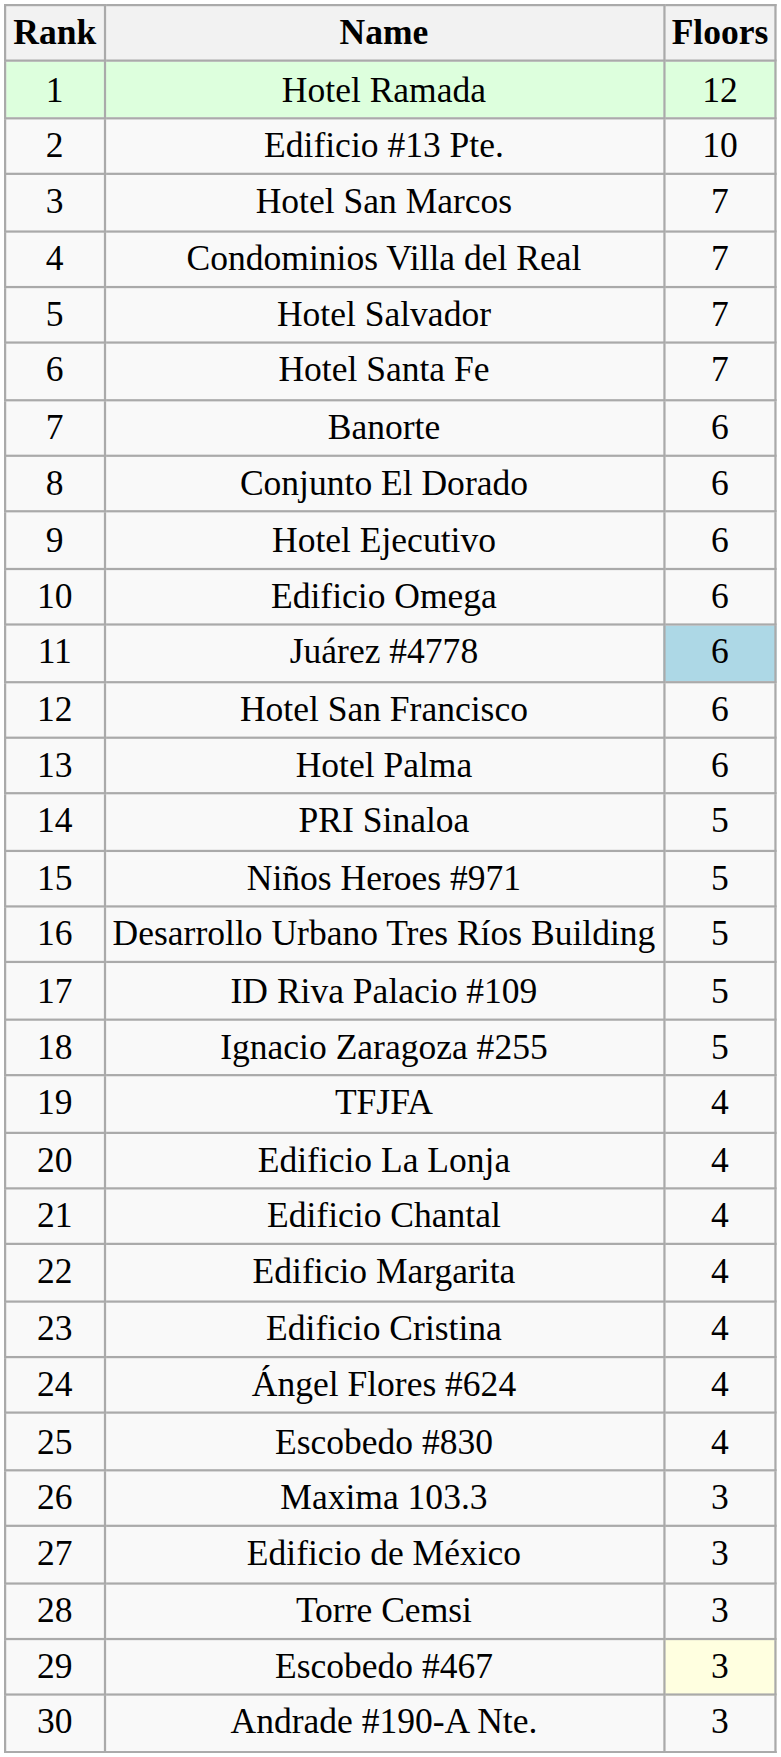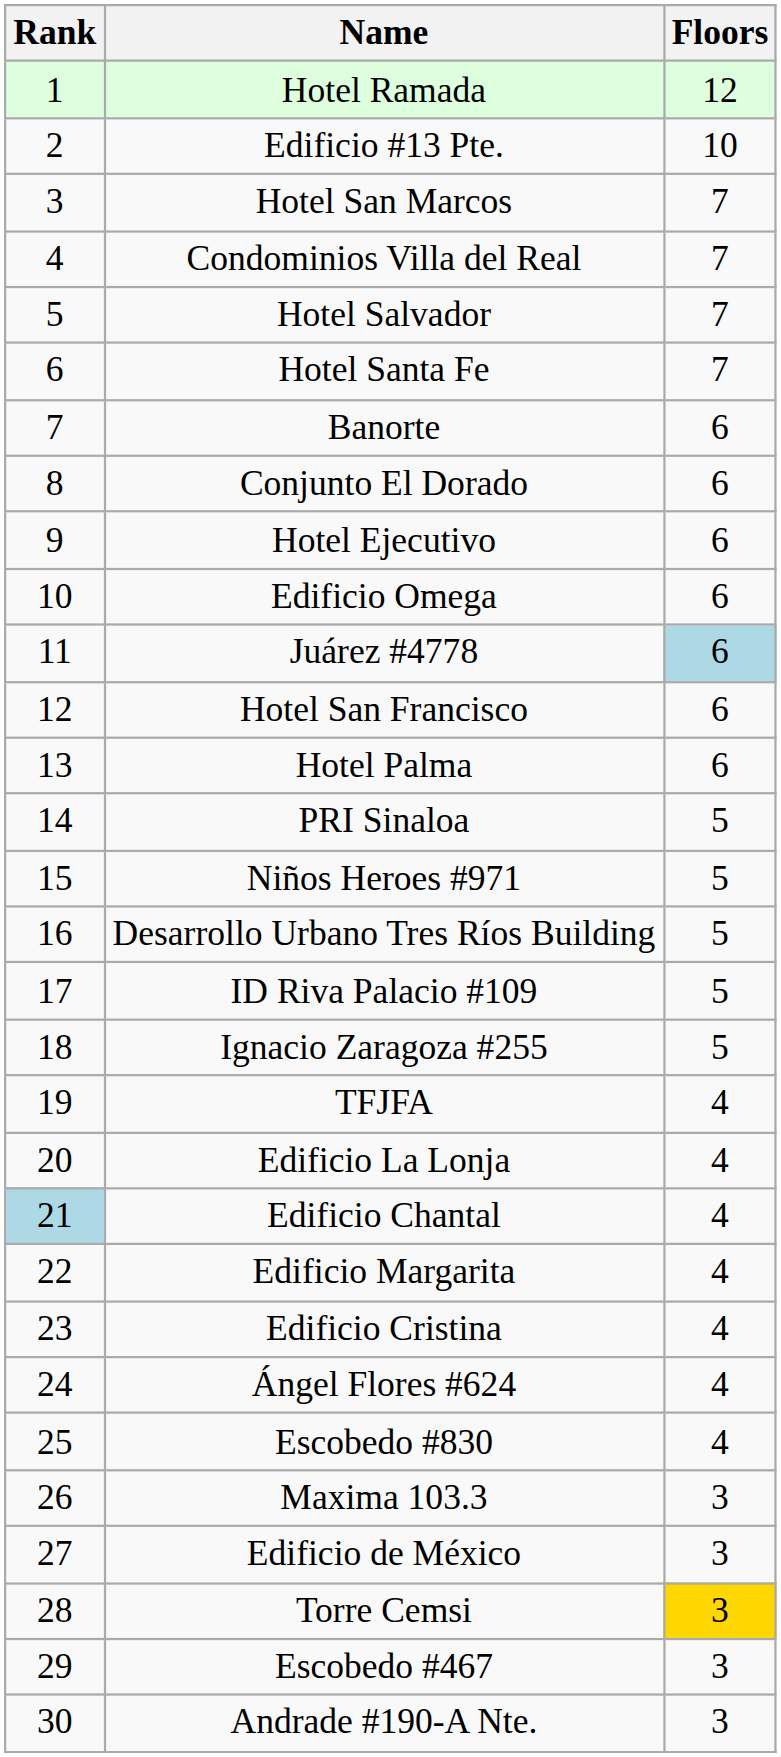 <table class="wikitable sortable" style="text-align:center">
 <tr>
 <th>Rank</th>
 <th>Name</th>
 <th>Floors</th>
 </tr>
 <tr bgcolor="#ddffdd">
 <td>1</td>
 <td>Hotel Ramada</td>
 <td>12</td>
 </tr>
 <tr>
 <td>2</td>
 <td>Edificio #13 Pte.</td>
 <td>10</td>
 </tr>
 <tr>
 <td>3</td>
 <td>Hotel San Marcos</td>
 <td>7</td>
 </tr>
 <tr>
 <td>4</td>
 <td>Condominios Villa del Real</td>
 <td>7</td>
 </tr>
 <tr>
 <td>5</td>
 <td>Hotel Salvador</td>
 <td>7</td>
 </tr>
 <tr>
 <td>6</td>
 <td>Hotel Santa Fe</td>
 <td>7</td>
 </tr>
 <tr>
 <td>7</td>
 <td>Banorte</td>
 <td>6</td>
 </tr>
 <tr>
 <td>8</td>
 <td>Conjunto El Dorado</td>
 <td>6</td>
 </tr>
 <tr>
 <td>9</td>
 <td>Hotel Ejecutivo</td>
 <td>6</td>
 </tr>
 <tr>
 <td>10</td>
 <td>Edificio Omega</td>
 <td>6</td>
 </tr>
 <tr>
 <td>11</td>
 <td>Juárez #4778</td>
 <td style="background: lightblue;">6</td>
 </tr>
 <tr>
 <td>12</td>
 <td>Hotel San Francisco</td>
 <td>6</td>
 </tr>
 <tr>
 <td>13</td>
 <td>Hotel Palma</td>
 <td>6</td>
 </tr>
 <tr>
 <td>14</td>
 <td>PRI Sinaloa</td>
 <td>5</td>
 </tr>
 <tr>
 <td>15</td>
 <td>Niños Heroes #971</td>
 <td>5</td>
 </tr>
 <tr>
 <td>16</td>
 <td>Desarrollo Urbano Tres Ríos Building</td>
 <td>5</td>
 </tr>
 <tr>
 <td>17</td>
 <td>ID Riva Palacio #109</td>
 <td>5</td>
 </tr>
 <tr>
 <td>18</td>
 <td>Ignacio Zaragoza #255</td>
 <td>5</td>
 </tr>
 <tr>
 <td>19</td>
 <td>TFJFA</td>
 <td>4</td>
 </tr>
 <tr>
 <td>20</td>
 <td>Edificio La Lonja</td>
 <td>4</td>
 </tr>
 <tr>
-<td>21</td>
+<td style="background: lightblue;">21</td>
 <td>Edificio Chantal</td>
 <td>4</td>
 </tr>
 <tr>
 <td>22</td>
 <td>Edificio Margarita</td>
 <td>4</td>
 </tr>
 <tr>
 <td>23</td>
 <td>Edificio Cristina</td>
 <td>4</td>
 </tr>
 <tr>
 <td>24</td>
 <td>Ángel Flores #624</td>
 <td>4</td>
 </tr>
 <tr>
 <td>25</td>
 <td>Escobedo #830</td>
 <td>4</td>
 </tr>
 <tr>
 <td>26</td>
 <td>Maxima 103.3</td>
 <td>3</td>
 </tr>
 <tr>
 <td>27</td>
 <td>Edificio de México</td>
 <td>3</td>
 </tr>
 <tr>
 <td>28</td>
 <td>Torre Cemsi</td>
-<td>3</td>
+<td style="background: gold;">3</td>
 </tr>
 <tr>
 <td>29</td>
 <td>Escobedo #467</td>
-<td style="background: lightyellow;">3</td>
+<td>3</td>
 </tr>
 <tr>
 <td>30</td>
 <td>Andrade #190-A Nte.</td>
 <td>3</td>
 </tr>
 <tr>
 </tr>
 </table>
